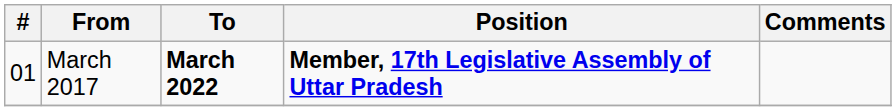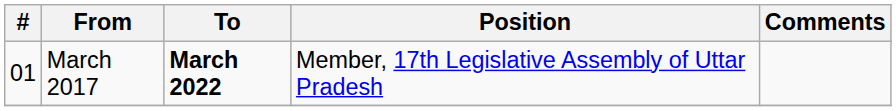 <table class="wikitable sortable">
 <tr>
 <th>#</th>
 <th>From</th>
 <th>To</th>
 <th>Position</th>
 <th>Comments</th>
 </tr>
 <tr>
 <td>01</td>
 <td>March 2017</td>
 <td><strong>March 2022</strong></td>
-<td><strong>Member, <a href='#'>17th Legislative Assembly of Uttar Pradesh</a></strong></td>
+<td>Member, <a href='#'>17th Legislative Assembly of Uttar Pradesh</a></td>
 <td></td>
 </tr>
 <tr>
 </tr>
 </table>
